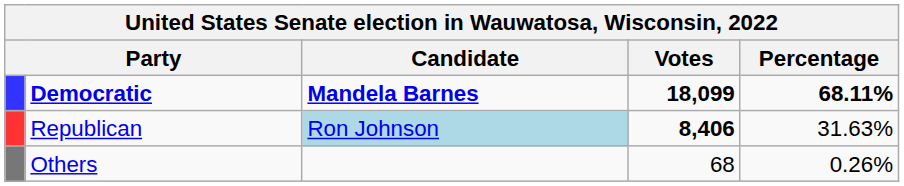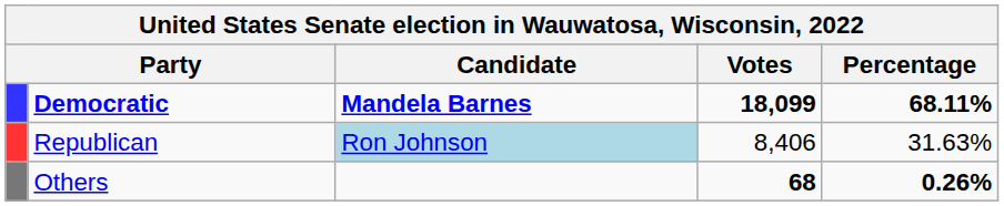 <table class="wikitable" style="font-size:95%;">
 <tr>
 <th colspan="7">United States Senate election in Wauwatosa, Wisconsin, 2022</th>
 </tr>
 <tr>
 <th colspan="2" style="width: 15em">Party</th>
 <th style="width: 17em">Candidate</th>
 <th style="width: 5em">Votes</th>
 <th style="width: 7em">Percentage</th>
 </tr>
 <tr>
 <th style="background:#33f; width:3px;"></th>
 <td style="width: 130px"><strong><a href='#'>Democratic</a></strong></td>
 <td><strong><a href='#'>Mandela Barnes</a></strong></td>
 <td style="text-align:right;"><strong>18,099</strong></td>
 <td style="text-align:right;"><strong>68.11%</strong></td>
 </tr>
 <tr>
 <th style="background:#f33; width:3px;"></th>
 <td style="width: 130px"><a href='#'>Republican</a></td>
 <td style="background: lightblue;"><a href='#'>Ron Johnson</a></td>
-<td style="text-align:right;"><strong>8,406</strong></td>
+<td style="text-align:right;">8,406</td>
 <td style="text-align:right;">31.63%</td>
 </tr>
 <tr>
 <th style="background:#777; width:3px;"></th>
 <td style="width: 130px"><a href='#'>Others</a></td>
 <td></td>
-<td style="text-align:right;">68</td>
-<td style="text-align:right;">0.26%</td>
+<td style="text-align:right;"><strong>68</strong></td>
+<td style="text-align:right;"><strong>0.26%</strong></td>
 </tr>
 </table>
